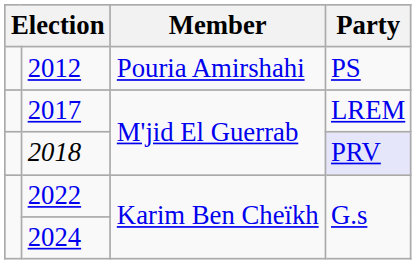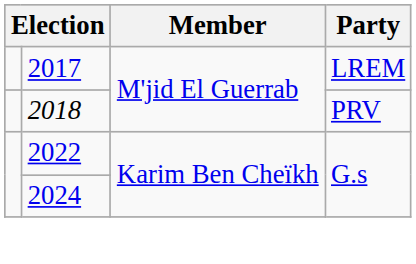 <table class="wikitable">
 <tr>
 <th colspan=2>Election</th>
 <th>Member</th>
 <th>Party</th>
-</tr>
-<tr>
-<td style="color:inherit;background-color: "></td>
-<td><a href='#'>2012</a></td>
-<td><a href='#'>Pouria Amirshahi</a></td>
-<td><a href='#'>PS</a></td>
 </tr>
 <tr>
 <td style="color:inherit;background-color: "></td>
 <td><a href='#'>2017</a></td>
 <td rowspan="2"><a href='#'>M'jid El Guerrab</a></td>
 <td><a href='#'>LREM</a></td>
 </tr>
 <tr>
 <td style="color:inherit;background-color: "></td>
 <td><em>2018</em></td>
-<td style="background: lavender;"><a href='#'>PRV</a></td>
+<td><a href='#'>PRV</a></td>
 </tr>
 <tr>
 <td rowspan="2" style="color:inherit;background-color: "></td>
 <td><a href='#'>2022</a></td>
 <td rowspan="2"><a href='#'>Karim Ben Cheïkh</a></td>
 <td rowspan="2"><a href='#'>G.s</a></td>
 </tr>
 <tr>
 <td><a href='#'>2024</a></td>
 </tr>
 </table>
